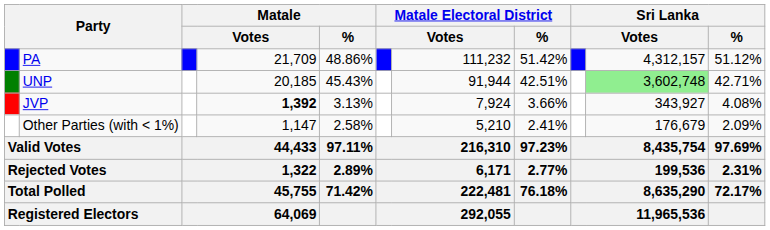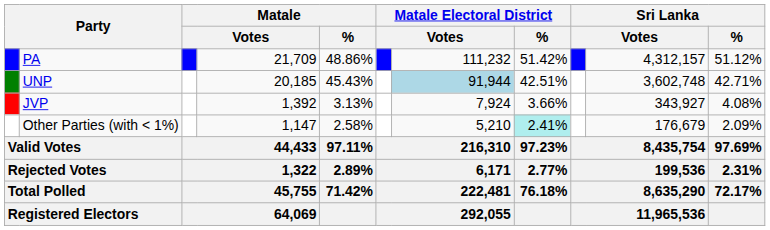 <table class="wikitable">
 <tr>
 <th colspan="2" width="144px"rowspan="2">Party</th>
 <th colspan="3" width="216px">Matale</th>
 <th colspan="3" width="216px"><a href='#'>Matale Electoral District</a></th>
 <th colspan="3" width="216px">Sri Lanka</th>
 </tr>
 <tr>
 <th colspan="2" width="144px">Votes</th>
 <th>%</th>
 <th colspan="2" width="144px">Votes</th>
 <th>%</th>
 <th colspan="2" width="144px">Votes</th>
 <th>%</th>
 </tr>
 <tr>
 <td style="background-color:blue;" width="10px"></td>
 <td style="text-align:left;"><a href='#'>PA</a></td>
 <td style="background-color:blue;" width="10px"></td>
 <td style="text-align:right;">21,709</td>
 <td style="text-align:right;">48.86%</td>
 <td style="background-color:blue;" width="10px"></td>
 <td style="text-align:right;">111,232</td>
 <td style="text-align:right;">51.42%</td>
 <td style="background-color:blue;" width="10px"></td>
 <td style="text-align:right;">4,312,157</td>
 <td style="text-align:right;">51.12%</td>
 </tr>
 <tr>
 <td style="background-color:green;" width="10px"></td>
 <td style="text-align:left;"><a href='#'>UNP</a></td>
 <td style="background-color:white;" width="10px"></td>
 <td style="text-align:right;">20,185</td>
 <td style="text-align:right;">45.43%</td>
 <td style="background-color:white;" width="10px"></td>
-<td style="text-align:right;">91,944</td>
+<td style="background: lightblue; text-align:right;">91,944</td>
 <td style="text-align:right;">42.51%</td>
 <td style="background-color:white;" width="10px"></td>
-<td style="background: lightgreen; text-align:right;">3,602,748</td>
+<td style="text-align:right;">3,602,748</td>
 <td style="text-align:right;">42.71%</td>
 </tr>
 <tr>
 <td style="background-color:red;" width="10px"></td>
 <td style="text-align:left;"><a href='#'>JVP</a></td>
 <td style="background-color:white;" width="10px"></td>
-<td style="text-align:right;"><strong>1,392</strong></td>
+<td style="text-align:right;">1,392</td>
 <td style="text-align:right;">3.13%</td>
 <td style="background-color:white;" width="10px"></td>
 <td style="text-align:right;">7,924</td>
 <td style="text-align:right;">3.66%</td>
 <td style="background-color:white;" width="10px"></td>
 <td style="text-align:right;">343,927</td>
 <td style="text-align:right;">4.08%</td>
 </tr>
 <tr>
 <td style="background-color:white;" width="10px"></td>
 <td style="text-align:left;">Other Parties (with < 1%)</td>
 <td style="background-color:white;" width="10px"></td>
 <td style="text-align:right;">1,147</td>
 <td style="text-align:right;">2.58%</td>
 <td style="background-color:white;" width="10px"></td>
 <td style="text-align:right;">5,210</td>
-<td style="text-align:right;">2.41%</td>
+<td style="background: paleturquoise; text-align:right;">2.41%</td>
 <td style="background-color:white;" width="10px"></td>
 <td style="text-align:right;">176,679</td>
 <td style="text-align:right;">2.09%</td>
 </tr>
 <tr>
 <th colspan="2" width="144px"style="text-align:left;">Valid Votes</th>
 <th style="text-align:right;"colspan="2" width="144px">44,433</th>
 <th style="text-align:right;">97.11%</th>
 <th style="text-align:right;"colspan="2" width="144px">216,310</th>
 <th style="text-align:right;">97.23%</th>
 <th style="text-align:right;"colspan="2" width="144px">8,435,754</th>
 <th style="text-align:right;">97.69%</th>
 </tr>
 <tr>
 <th colspan="2" width="144px"style="text-align:left;">Rejected Votes</th>
 <th style="text-align:right;"colspan="2" width="144px">1,322</th>
 <th style="text-align:right;">2.89%</th>
 <th style="text-align:right;"colspan="2" width="144px">6,171</th>
 <th style="text-align:right;">2.77%</th>
 <th style="text-align:right;"colspan="2" width="144px">199,536</th>
 <th style="text-align:right;">2.31%</th>
 </tr>
 <tr>
 <th colspan="2" width="144px"style="text-align:left;">Total Polled</th>
 <th style="text-align:right;"colspan="2" width="144px">45,755</th>
 <th style="text-align:right;">71.42%</th>
 <th style="text-align:right;"colspan="2" width="144px">222,481</th>
 <th style="text-align:right;">76.18%</th>
 <th style="text-align:right;"colspan="2" width="144px">8,635,290</th>
 <th style="text-align:right;">72.17%</th>
 </tr>
 <tr>
 <th colspan="2" width="144px"style="text-align:left;">Registered Electors</th>
 <th style="text-align:right;"colspan="2" width="144px">64,069</th>
 <th></th>
 <th style="text-align:right;"colspan="2" width="144px">292,055</th>
 <th></th>
 <th style="text-align:right;"colspan="2" width="144px">11,965,536</th>
 <th></th>
 </tr>
 </table>
